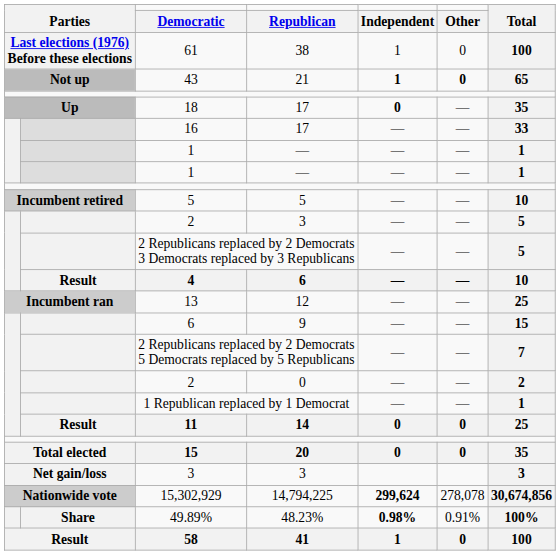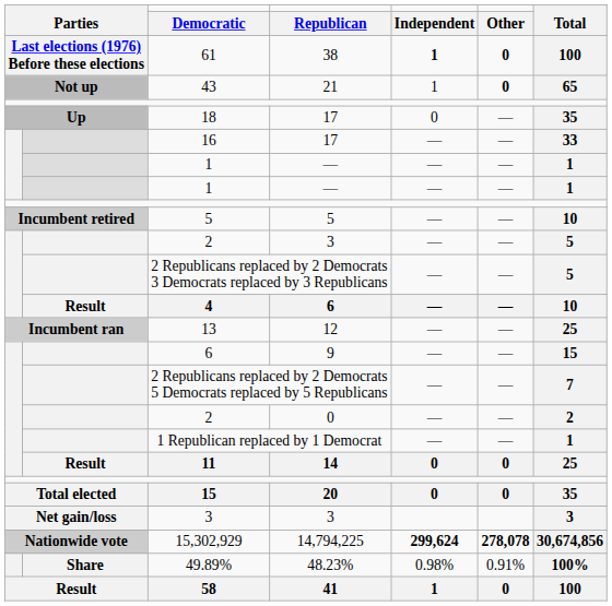 <table class=wikitable style=text-align:center>
 <tr valign=bottom>
 <th rowspan=2 colspan=2>Parties</th>
 <td style="background-color:"></td>
 <td style="background-color:"></td>
 <td style="background-color:"></td>
 <td style="background-color:"></td>
 <th rowspan=2>Total</th>
 </tr>
 <tr valign=bottom>
 <th><a href='#'>Democratic</a></th>
 <th><a href='#'>Republican</a></th>
 <th>Independent</th>
 <th>Other</th>
 </tr>
 <tr>
 <th colspan=2><a href='#'>Last elections (1976)</a><br>Before these elections</th>
 <td>61</td>
 <td>38</td>
-<td>1</td>
-<td>0</td>
+<td><strong>1</strong></td>
+<td><strong>0</strong></td>
 <th>100</th>
 </tr>
 <tr>
 <th colspan=2 style="background:#bbb">Not up</th>
 <td>43</td>
 <td>21</td>
-<td><strong>1</strong></td>
+<td>1</td>
 <td><strong>0</strong></td>
 <th>65</th>
 </tr>
 <tr>
 <td colspan=100></td>
 </tr>
 <tr>
 <th colspan=2 style="background:#bbb">Up</th>
 <td>18</td>
 <td>17</td>
-<td><strong>0</strong></td>
+<td>0</td>
 <td>—</td>
 <th>35</th>
 </tr>
 <tr>
 <th rowspan=3></th>
 <th style="background:#ddd"></th>
 <td>16</td>
 <td>17</td>
 <td>—</td>
 <td>—</td>
 <th>33</th>
 </tr>
 <tr>
 <th style="background:#ddd"></th>
 <td>1</td>
 <td>—</td>
 <td>—</td>
 <td>—</td>
 <th>1</th>
 </tr>
 <tr>
 <th style="background:#ddd"></th>
 <td>1</td>
 <td>—</td>
 <td>—</td>
 <td>—</td>
 <th>1</th>
 </tr>
 <tr>
 <td colspan=100></td>
 </tr>
 <tr>
 <th colspan=2 style="background:#ccc">Incumbent retired</th>
 <td>5</td>
 <td>5</td>
 <td>—</td>
 <td>—</td>
 <th>10</th>
 </tr>
 <tr>
 <th rowspan=3></th>
 <th></th>
 <td>2</td>
 <td>3</td>
 <td>—</td>
 <td>—</td>
 <th>5</th>
 </tr>
 <tr>
 <th></th>
 <td colspan=2 > 2 Republicans replaced by  2 Democrats<br> 3 Democrats replaced by  3 Republicans</td>
 <td>—</td>
 <td>—</td>
 <th>5</th>
 </tr>
 <tr>
 <th>Result</th>
 <th>4</th>
 <th>6</th>
 <th>—</th>
 <th>—</th>
 <th>10</th>
 </tr>
 <tr>
 <th colspan=2 style="background:#ccc">Incumbent ran</th>
 <td>13</td>
 <td>12</td>
 <td>—</td>
 <td>—</td>
 <th>25</th>
 </tr>
 <tr>
 <th rowspan=5></th>
 <th></th>
 <td>6</td>
 <td>9</td>
 <td>—</td>
 <td>—</td>
 <th>15</th>
 </tr>
 <tr>
 <th></th>
 <td colspan=2 > 2 Republicans replaced by  2 Democrats<br> 5 Democrats replaced by  5 Republicans</td>
 <td>—</td>
 <td>—</td>
 <th>7</th>
 </tr>
 <tr>
 <th></th>
 <td>2</td>
 <td>0</td>
 <td>—</td>
 <td>—</td>
 <th>2</th>
 </tr>
 <tr>
 <th></th>
 <td colspan=2 > 1 Republican replaced by  1 Democrat</td>
 <td>—</td>
 <td>—</td>
 <th>1</th>
 </tr>
 <tr>
 <th>Result</th>
 <th>11</th>
 <th>14</th>
 <th>0</th>
 <th>0</th>
 <th>25</th>
 </tr>
 <tr>
 <td colspan=100></td>
 </tr>
 <tr>
 <th colspan=2>Total elected</th>
 <th>15</th>
 <th>20</th>
 <th>0</th>
 <th>0</th>
 <th>35</th>
 </tr>
 <tr>
 <th colspan=2>Net gain/loss</th>
 <td> 3</td>
 <td> 3</td>
 <td></td>
 <td></td>
 <th>3</th>
 </tr>
 <tr>
 <th colspan=2 style="background:#ccc">Nationwide vote</th>
 <td>15,302,929</td>
 <td>14,794,225</td>
 <td><strong>299,624</strong></td>
-<td>278,078</td>
+<td><strong>278,078</strong></td>
 <th>30,674,856</th>
 </tr>
 <tr>
 <th></th>
 <th>Share</th>
 <td>49.89%</td>
 <td>48.23%</td>
-<td><strong>0.98%</strong></td>
+<td>0.98%</td>
 <td>0.91%</td>
 <th>100%</th>
 </tr>
 <tr>
 <th colspan=2>Result</th>
 <th>58</th>
 <th>41</th>
 <th>1</th>
 <th>0</th>
 <th>100</th>
 </tr>
 </table>
